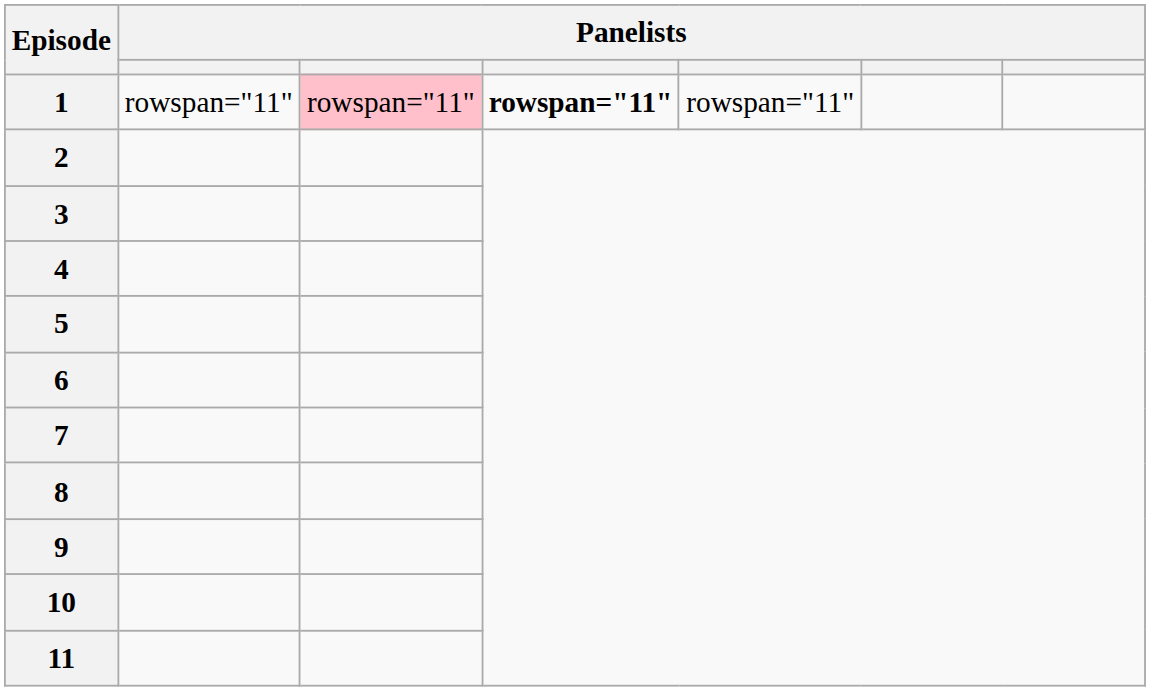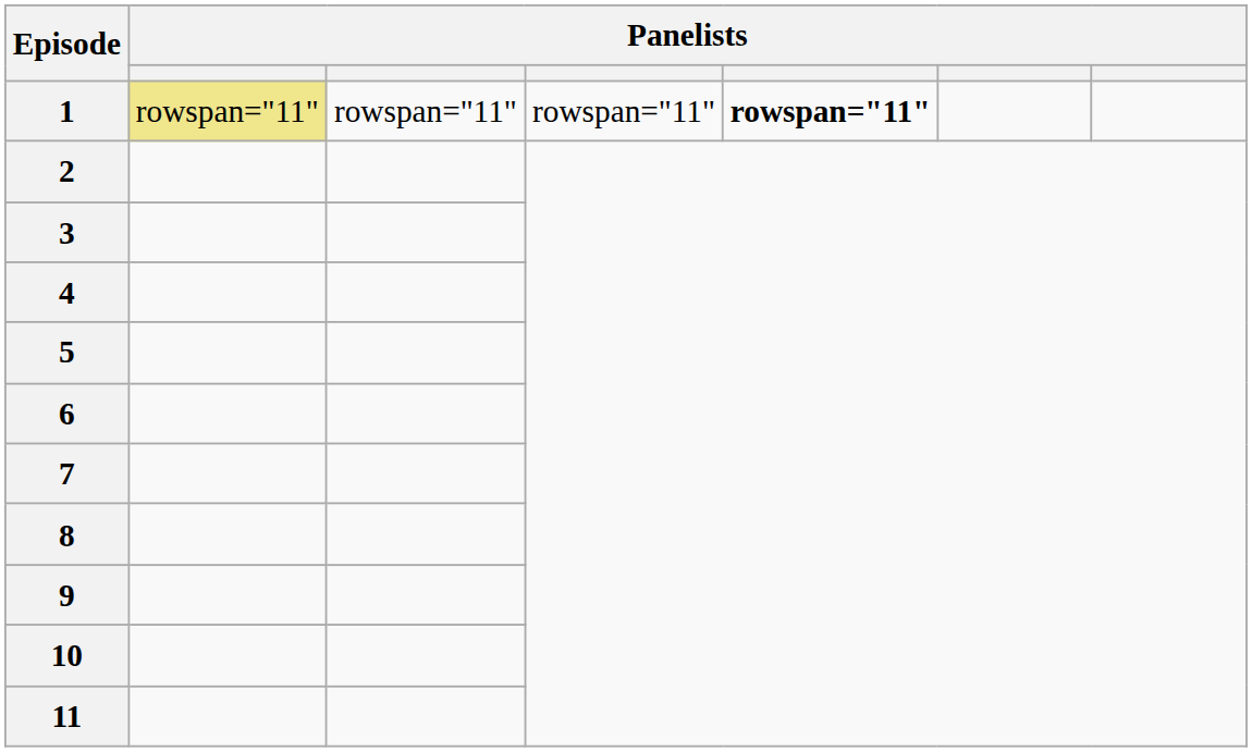 <table class="wikitable plainrowheaders mw-collapsible" style="text-align:center; line-height:23px; width:100%;">
 <tr>
 <th rowspan="2" width="1%">Episode</th>
 <th colspan="6">Panelists</th>
 </tr>
 <tr>
 <th width="16%"></th>
 <th width="16%"></th>
 <th width="16%"></th>
 <th width="16%"></th>
 <th width="16%"></th>
 <th width="16%"></th>
 </tr>
 <tr>
 <th>1</th>
+<td style="background: khaki;">rowspan="11" </td>
 <td>rowspan="11" </td>
-<td style="background: pink;">rowspan="11" </td>
+<td>rowspan="11" </td>
 <td><strong>rowspan="11" </strong></td>
-<td>rowspan="11" </td>
 <td></td>
 <td></td>
 </tr>
 <tr>
 <th>2</th>
 <td></td>
 <td></td>
 </tr>
 <tr>
 <th>3</th>
 <td></td>
 <td></td>
 </tr>
 <tr>
 <th>4</th>
 <td></td>
 <td></td>
 </tr>
 <tr>
 <th>5</th>
 <td></td>
 <td></td>
 </tr>
 <tr>
 <th>6</th>
 <td></td>
 <td></td>
 </tr>
 <tr>
 <th>7</th>
 <td></td>
 <td></td>
 </tr>
 <tr>
 <th>8</th>
 <td></td>
 <td></td>
 </tr>
 <tr>
 <th>9</th>
 <td></td>
 <td></td>
 </tr>
 <tr>
 <th>10</th>
 <td></td>
 <td></td>
 </tr>
 <tr>
 <th>11</th>
 <td></td>
 <td></td>
 </tr>
 </table>
